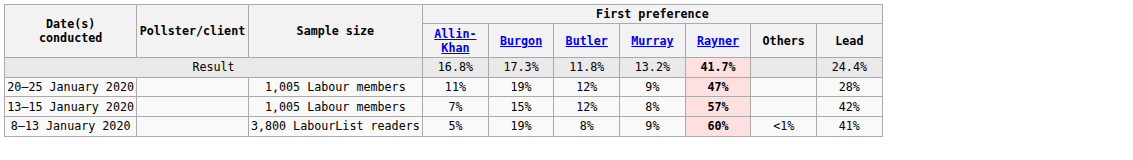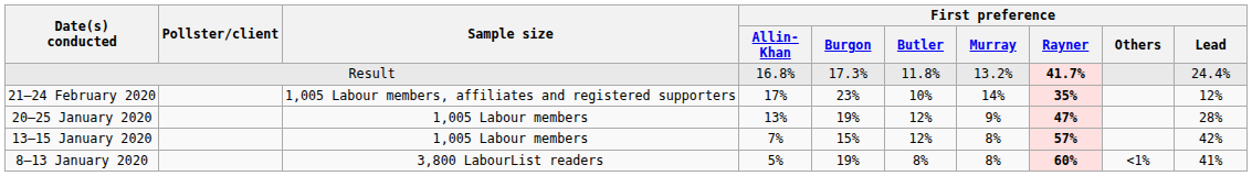 <table class="wikitable" style="text-align:center;font-size:90%;line-height:14px">
 <tr>
 <th rowspan="2">Date(s)<br>conducted</th>
 <th rowspan="2">Pollster/client</th>
 <th rowspan="2">Sample size</th>
 <th colspan="7">First preference</th>
 </tr>
 <tr>
 <th style="width:60px"><a href='#'>Allin-Khan</a></th>
 <th style="width:60px"><a href='#'>Burgon</a></th>
 <th style="width:60px"><a href='#'>Butler</a></th>
 <th style="width:60px"><a href='#'>Murray</a></th>
 <th style="width:60px"><a href='#'>Rayner</a></th>
 <th style="width:60px">Others</th>
 <th style="width:60px">Lead</th>
 </tr>
 <tr style="background:#E9E9E9;">
 <td colspan="3">Result</td>
 <td>16.8%</td>
 <td>17.3%</td>
 <td>11.8%</td>
 <td>13.2%</td>
 <td style="background:#FFE0E0"><strong>41.7%</strong></td>
 <td></td>
 <td style="background:">24.4%</td>
 </tr>
 <tr>
+<td>21–24 February 2020</td>
+<td></td>
+<td>1,005 Labour members, affiliates and registered supporters</td>
+<td>17%</td>
+<td>23%</td>
+<td>10%</td>
+<td>14%</td>
+<td style="background:#FFE0E0"><strong>35%</strong></td>
+<td></td>
+<td style="background:">12%</td>
+</tr>
+<tr>
 <td>20–25 January 2020</td>
 <td></td>
 <td>1,005 Labour members</td>
-<td>11%</td>
+<td>13%</td>
 <td>19%</td>
 <td>12%</td>
 <td>9%</td>
 <td style="background:#FFE0E0"><strong>47%</strong></td>
 <td></td>
 <td style="background:">28%</td>
 </tr>
 <tr>
 <td>13–15 January 2020</td>
 <td></td>
 <td>1,005 Labour members</td>
 <td>7%</td>
 <td>15%</td>
 <td>12%</td>
 <td>8%</td>
 <td style="background:#FFE0E0"><strong>57%</strong></td>
 <td></td>
 <td style="background:">42%</td>
 </tr>
 <tr>
 <td>8–13 January 2020</td>
 <td></td>
 <td>3,800 LabourList readers</td>
 <td>5%</td>
 <td>19%</td>
 <td>8%</td>
-<td>9%</td>
+<td>8%</td>
 <td style="background:#FFE0E0"><strong>60%</strong></td>
 <td><1%</td>
 <td style="background:">41%</td>
 </tr>
 </table>
